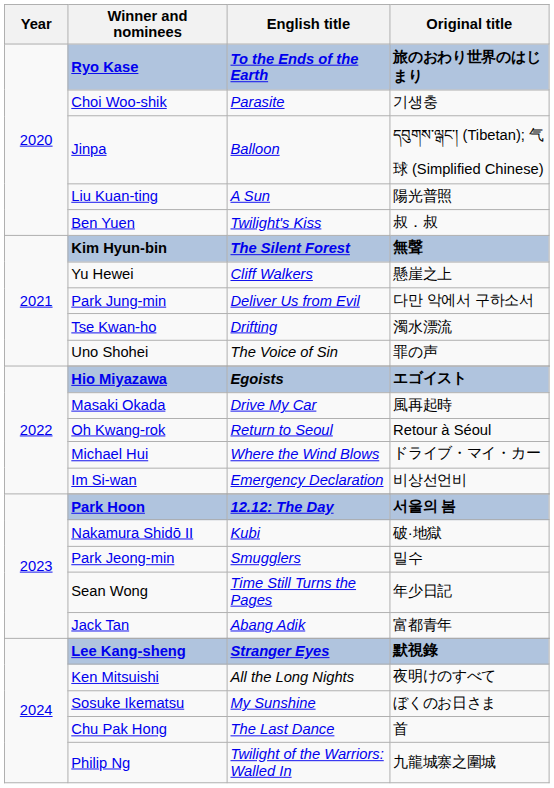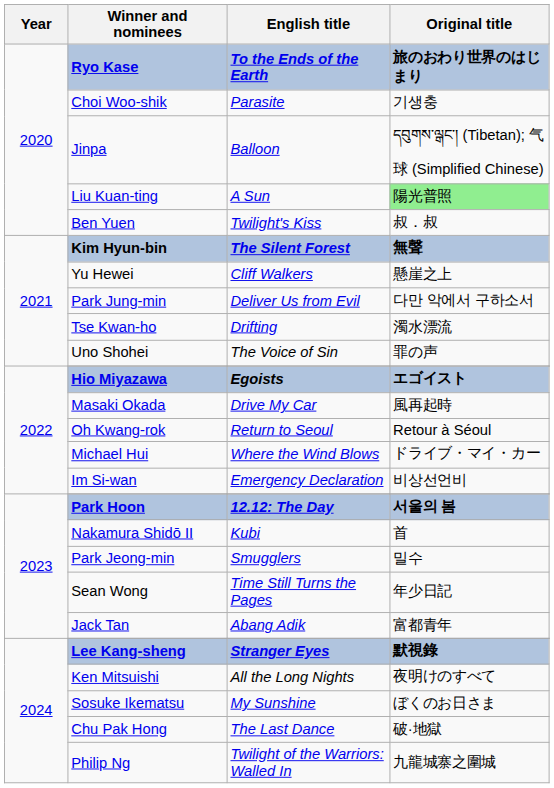 <table class="wikitable" width="95%" cellpadding="5">
 <tr>
 <th width="100"><strong>Year</strong></th>
 <th width="300"><strong>Winner and nominees</strong></th>
 <th width="300"><strong>English title</strong></th>
 <th width="300"><strong>Original title</strong></th>
 </tr>
 <tr>
 <td rowspan="5" style="text-align:center;"><a href='#'>2020</a></td>
 <td style="background:#B0C4DE;"> <strong><a href='#'>Ryo Kase</a></strong></td>
 <td style="background:#B0C4DE;"><strong><em><a href='#'>To the Ends of the Earth</a></em></strong></td>
 <td style="background:#B0C4DE;"><strong>旅のおわり世界のはじまり</strong></td>
 </tr>
 <tr>
 <td> <a href='#'>Choi Woo-shik</a></td>
 <td><em><a href='#'>Parasite</a></em></td>
 <td>기생충</td>
 </tr>
 <tr>
 <td> <a href='#'>Jinpa</a></td>
 <td><em><a href='#'>Balloon</a></em></td>
 <td>དབུགས་ལྒང་། (Tibetan); 气球 (Simplified Chinese)</td>
 </tr>
 <tr>
 <td> <a href='#'>Liu Kuan-ting</a></td>
 <td><em><a href='#'>A Sun</a></em></td>
-<td>陽光普照</td>
+<td style="background: lightgreen;">陽光普照</td>
 </tr>
 <tr>
 <td> <a href='#'>Ben Yuen</a></td>
 <td><em><a href='#'>Twilight's Kiss</a></em></td>
 <td>叔．叔</td>
 </tr>
 <tr>
 <td rowspan="5" style="text-align:center;"><a href='#'>2021</a></td>
 <td style="background:#B0C4DE;"> <strong>Kim Hyun-bin</strong></td>
 <td style="background:#B0C4DE;"><strong><em><a href='#'>The Silent Forest</a></em></strong></td>
 <td style="background:#B0C4DE;"><strong>無聲</strong></td>
 </tr>
 <tr>
 <td> Yu Hewei</td>
 <td><em><a href='#'>Cliff Walkers</a></em></td>
 <td>懸崖之上</td>
 </tr>
 <tr>
 <td> <a href='#'>Park Jung-min</a></td>
 <td><em><a href='#'>Deliver Us from Evil</a></em></td>
 <td>다만 악에서 구하소서</td>
 </tr>
 <tr>
 <td> <a href='#'>Tse Kwan-ho</a></td>
 <td><em><a href='#'>Drifting</a></em></td>
 <td>濁水漂流</td>
 </tr>
 <tr>
 <td> Uno Shohei</td>
 <td><em>The Voice of Sin</em></td>
 <td>罪の声</td>
 </tr>
 <tr>
 <td rowspan="6" style="text-align:center;"><a href='#'>2022</a></td>
 </tr>
 <tr style="background:#B0C4DE;">
 <td> <strong><a href='#'>Hio Miyazawa</a></strong></td>
 <td><strong><em>Egoists</em></strong></td>
 <td><strong>エゴイスト</strong></td>
 </tr>
 <tr>
 <td> <a href='#'>Masaki Okada</a></td>
 <td><em><a href='#'>Drive My Car</a></em></td>
 <td>風再起時</td>
 </tr>
 <tr>
 <td> <a href='#'>Oh Kwang-rok</a></td>
 <td><em><a href='#'>Return to Seoul</a></em></td>
 <td>Retour à Séoul</td>
 </tr>
 <tr>
 <td> <a href='#'>Michael Hui</a></td>
 <td><em><a href='#'>Where the Wind Blows</a></em></td>
 <td>ドライブ・マイ・カー</td>
 </tr>
 <tr>
 <td> <a href='#'>Im Si-wan</a></td>
 <td><em><a href='#'>Emergency Declaration</a></em></td>
 <td>비상선언비</td>
 </tr>
 <tr>
 <td rowspan="6" style="text-align:center;"><a href='#'>2023</a></td>
 </tr>
 <tr style="background:#B0C4DE;">
 <td> <strong><a href='#'>Park Hoon</a></strong></td>
 <td><strong><em><a href='#'>12.12: The Day</a></em></strong></td>
 <td><strong>서울의 봄</strong></td>
 </tr>
 <tr>
 <td> <a href='#'>Nakamura Shidō II</a></td>
 <td><em><a href='#'>Kubi</a></em></td>
-<td>破·地獄</td>
+<td>首</td>
 </tr>
 <tr>
 <td> <a href='#'>Park Jeong-min</a></td>
 <td><em><a href='#'>Smugglers</a></em></td>
 <td>밀수</td>
 </tr>
 <tr>
 <td> Sean Wong</td>
 <td><em><a href='#'>Time Still Turns the Pages</a></em></td>
 <td>年少日記</td>
 </tr>
 <tr>
 <td> <a href='#'>Jack Tan</a></td>
 <td><em><a href='#'>Abang Adik</a></em></td>
 <td>富都青年</td>
 </tr>
 <tr>
 <td rowspan="6" style="text-align:center;"><a href='#'>2024</a></td>
 </tr>
 <tr style="background:#B0C4DE;">
 <td> <strong><a href='#'>Lee Kang-sheng</a></strong></td>
 <td><strong><em><a href='#'>Stranger Eyes</a></em></strong></td>
 <td><strong>默視錄</strong></td>
 </tr>
 <tr>
 <td> <a href='#'>Ken Mitsuishi</a></td>
 <td><em>All the Long Nights</em></td>
 <td>夜明けのすべて</td>
 </tr>
 <tr>
 <td> <a href='#'>Sosuke Ikematsu</a></td>
 <td><em><a href='#'>My Sunshine</a></em></td>
 <td>ぼくのお日さま</td>
 </tr>
 <tr>
 <td> <a href='#'>Chu Pak Hong</a></td>
 <td><em><a href='#'>The Last Dance</a></em></td>
-<td>首</td>
+<td>破·地獄</td>
 </tr>
 <tr>
 <td> <a href='#'>Philip Ng</a></td>
 <td><em><a href='#'>Twilight of the Warriors: Walled In</a></em></td>
 <td>九龍城寨之圍城</td>
 </tr>
 </table>
